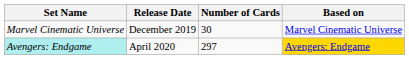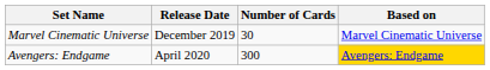 <table class="wikitable">
 <tr>
 <th>Set Name</th>
 <th>Release Date</th>
 <th>Number of Cards</th>
 <th>Based on</th>
 </tr>
 <tr>
 <td><em>Marvel Cinematic Universe</em></td>
 <td>December 2019</td>
 <td>30</td>
 <td><a href='#'>Marvel Cinematic Universe</a></td>
 </tr>
 <tr>
-<td style="background: paleturquoise;"><em>Avengers: Endgame</em></td>
+<td><em>Avengers: Endgame</em></td>
 <td>April 2020</td>
-<td>297</td>
+<td>300</td>
 <td style="background: gold;"><a href='#'>Avengers: Endgame</a></td>
 </tr>
 </table>
